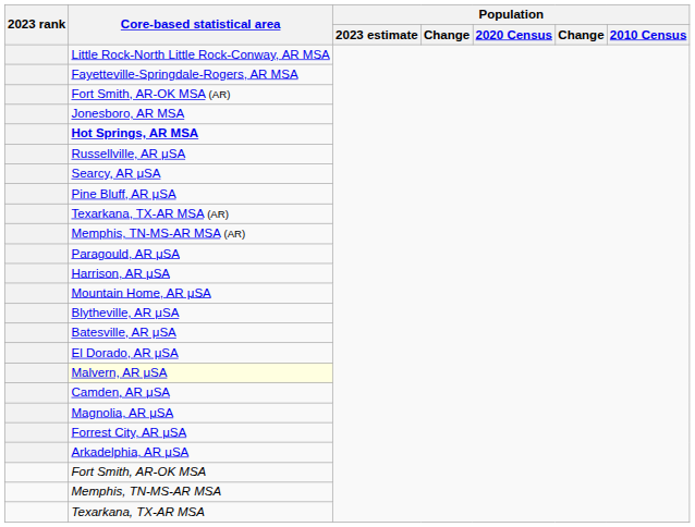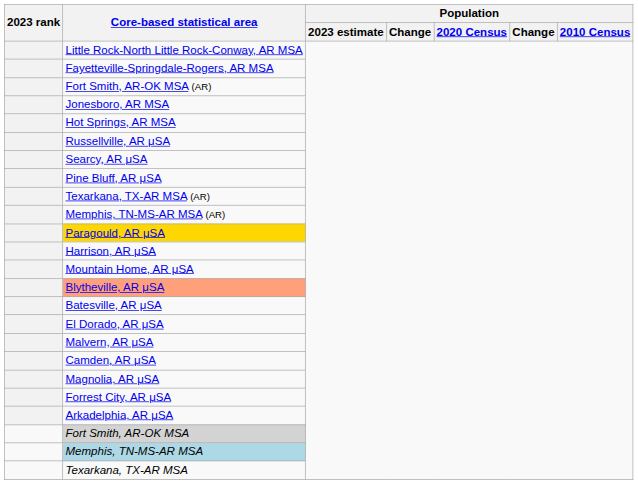 <table class="wikitable sortable">
 <tr>
 <th scope=col rowspan=2>2023 rank</th>
 <th scope=col rowspan=2><a href='#'>Core-based statistical area</a></th>
 <th colspan=5>Population</th>
 </tr>
 <tr>
 <th scope=col>2023 estimate</th>
 <th scope=col>Change</th>
 <th scope=col><a href='#'>2020 Census</a></th>
 <th scope=col>Change</th>
 <th scope=col><a href='#'>2010 Census</a></th>
 </tr>
 <tr>
 <th scope=row></th>
 <td><a href='#'>Little Rock-North Little Rock-Conway, AR MSA</a><br></td>
 </tr>
 <tr>
 <th scope=row></th>
 <td><a href='#'>Fayetteville-Springdale-Rogers, AR MSA</a><br></td>
 </tr>
 <tr>
 <th scope=row></th>
 <td><a href='#'>Fort Smith, AR-OK MSA</a> <small>(AR)</small><br></td>
 </tr>
 <tr>
 <th scope=row></th>
 <td><a href='#'>Jonesboro, AR MSA</a><br></td>
 </tr>
 <tr>
 <th scope=row></th>
-<td><strong><a href='#'>Hot Springs, AR MSA</a><br></strong></td>
+<td><a href='#'>Hot Springs, AR MSA</a><br></td>
 </tr>
 <tr>
 <th scope=row></th>
 <td><a href='#'>Russellville, AR μSA</a><br></td>
 </tr>
 <tr>
 <th scope=row></th>
 <td><a href='#'>Searcy, AR μSA</a><br></td>
 </tr>
 <tr>
 <th scope=row></th>
 <td><a href='#'>Pine Bluff, AR μSA</a><br></td>
 </tr>
 <tr>
 <th scope=row></th>
 <td><a href='#'>Texarkana, TX-AR MSA</a> <small>(AR)</small><br></td>
 </tr>
 <tr>
 <th scope=row></th>
 <td><a href='#'>Memphis, TN-MS-AR MSA</a> <small>(AR)</small><br></td>
 </tr>
 <tr>
 <th scope=row></th>
-<td><a href='#'>Paragould, AR μSA</a><br></td>
+<td style="background: gold;"><a href='#'>Paragould, AR μSA</a><br></td>
 </tr>
 <tr>
 <th scope=row></th>
 <td><a href='#'>Harrison, AR μSA</a><br></td>
 </tr>
 <tr>
 <th scope=row></th>
 <td><a href='#'>Mountain Home, AR μSA</a><br></td>
 </tr>
 <tr>
 <th scope=row></th>
-<td><a href='#'>Blytheville, AR μSA</a><br></td>
+<td style="background: lightsalmon;"><a href='#'>Blytheville, AR μSA</a><br></td>
 </tr>
 <tr>
 <th scope=row></th>
 <td><a href='#'>Batesville, AR μSA</a><br></td>
 </tr>
 <tr>
 <th scope=row></th>
 <td><a href='#'>El Dorado, AR μSA</a><br></td>
 </tr>
 <tr>
 <th scope=row></th>
-<td style="background: lightyellow;"><a href='#'>Malvern, AR μSA</a><br></td>
+<td><a href='#'>Malvern, AR μSA</a><br></td>
 </tr>
 <tr>
 <th scope=row></th>
 <td><a href='#'>Camden, AR μSA</a><br></td>
 </tr>
 <tr>
 <th scope=row></th>
 <td><a href='#'>Magnolia, AR μSA</a><br></td>
 </tr>
 <tr>
 <th scope=row></th>
 <td><a href='#'>Forrest City, AR μSA</a><br></td>
 </tr>
 <tr>
 <th scope=row></th>
 <td><a href='#'>Arkadelphia, AR μSA</a><br></td>
 </tr>
 <tr>
 <td></td>
-<td><em><span>Fort Smith, AR-OK MSA</span></em><br></td>
+<td style="background: lightgrey;"><em><span>Fort Smith, AR-OK MSA</span></em><br></td>
 </tr>
 <tr>
 <td></td>
-<td><em><span>Memphis, TN-MS-AR MSA</span></em><br></td>
+<td style="background: lightblue;"><em><span>Memphis, TN-MS-AR MSA</span></em><br></td>
 </tr>
 <tr>
 <td></td>
 <td><em><span>Texarkana, TX-AR MSA</span></em><br></td>
 </tr>
 </table>
